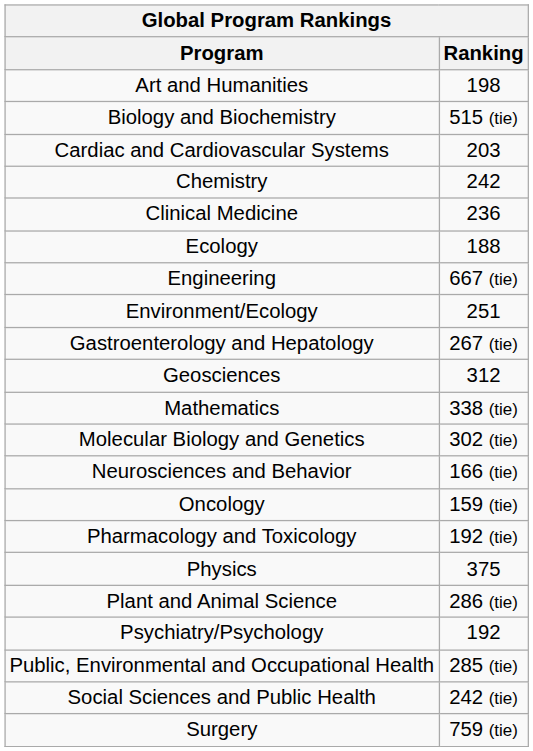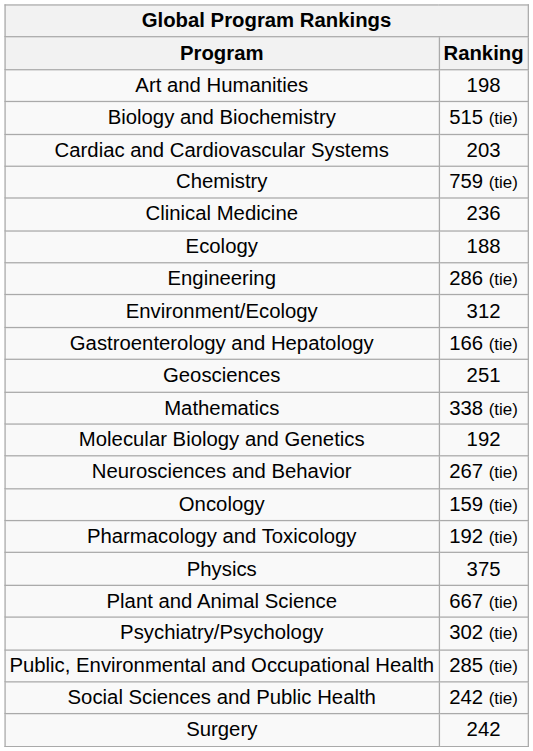 <table class="wikitable sortable collapsible collapsed" style="float:right; clear:right; text-align:center">
 <tr>
 <th colspan=4>Global Program Rankings</th>
 </tr>
 <tr>
 <th>Program</th>
 <th>Ranking</th>
 </tr>
 <tr>
 <td>Art and Humanities</td>
 <td>198</td>
 </tr>
 <tr>
 <td>Biology and Biochemistry</td>
 <td>515 <small>(tie)</small></td>
 </tr>
 <tr>
 <td>Cardiac and Cardiovascular Systems</td>
 <td>203</td>
 </tr>
 <tr>
 <td>Chemistry</td>
-<td>242</td>
+<td>759 <small>(tie)</small></td>
 </tr>
 <tr>
 <td>Clinical Medicine</td>
 <td>236</td>
 </tr>
 <tr>
 <td>Ecology</td>
 <td>188</td>
 </tr>
 <tr>
 <td>Engineering</td>
-<td>667 <small>(tie)</small></td>
+<td>286 <small>(tie)</small></td>
 </tr>
 <tr>
 <td>Environment/Ecology</td>
-<td>251</td>
+<td>312</td>
 </tr>
 <tr>
 <td>Gastroenterology and Hepatology</td>
-<td>267 <small>(tie)</small></td>
+<td>166 <small>(tie)</small></td>
 </tr>
 <tr>
 <td>Geosciences</td>
-<td>312</td>
+<td>251</td>
 </tr>
 <tr>
 <td>Mathematics</td>
 <td>338 <small>(tie)</small></td>
 </tr>
 <tr>
 <td>Molecular Biology and Genetics</td>
-<td>302 <small>(tie)</small></td>
+<td>192</td>
 </tr>
 <tr>
 <td>Neurosciences and Behavior</td>
-<td>166 <small>(tie)</small></td>
+<td>267 <small>(tie)</small></td>
 </tr>
 <tr>
 <td>Oncology</td>
 <td>159 <small>(tie)</small></td>
 </tr>
 <tr>
 <td>Pharmacology and Toxicology</td>
 <td>192 <small>(tie)</small></td>
 </tr>
 <tr>
 <td>Physics</td>
 <td>375</td>
 </tr>
 <tr>
 <td>Plant and Animal Science</td>
-<td>286 <small>(tie)</small></td>
+<td>667 <small>(tie)</small></td>
 </tr>
 <tr>
 <td>Psychiatry/Psychology</td>
-<td>192</td>
+<td>302 <small>(tie)</small></td>
 </tr>
 <tr>
 <td>Public, Environmental and Occupational Health</td>
 <td>285 <small>(tie)</small></td>
 </tr>
 <tr>
 <td>Social Sciences and Public Health</td>
 <td>242 <small>(tie)</small></td>
 </tr>
 <tr>
 <td>Surgery</td>
-<td>759 <small>(tie)</small></td>
+<td>242</td>
 </tr>
 </table>
